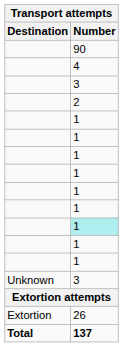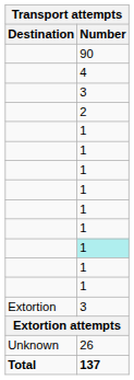 <table class="wikitable" style="float:right; margin-left: 10px;">
 <tr>
 <th colspan="2">Transport attempts</th>
 </tr>
 <tr>
 <th>Destination</th>
 <th>Number</th>
 </tr>
 <tr>
 <td></td>
 <td>90</td>
 </tr>
 <tr>
 <td></td>
 <td>4</td>
 </tr>
 <tr>
 <td></td>
 <td>3</td>
 </tr>
 <tr>
 <td></td>
 <td>2</td>
 </tr>
 <tr>
 <td></td>
 <td>1</td>
 </tr>
 <tr>
 <td></td>
 <td>1</td>
 </tr>
 <tr>
 <td></td>
 <td>1</td>
 </tr>
 <tr>
 <td></td>
 <td>1</td>
 </tr>
 <tr>
 <td></td>
 <td>1</td>
 </tr>
 <tr>
 <td><br></td>
 <td>1</td>
 </tr>
 <tr>
 <td></td>
 <td style="background: paleturquoise;">1</td>
 </tr>
 <tr>
 <td></td>
 <td>1</td>
 </tr>
 <tr>
 <td></td>
 <td>1</td>
 </tr>
 <tr>
-<td>Unknown</td>
+<td>Extortion</td>
 <td>3</td>
 </tr>
 <tr>
 <th colspan="2">Extortion attempts</th>
 </tr>
 <tr>
-<td>Extortion</td>
+<td>Unknown</td>
 <td>26</td>
 </tr>
 <tr>
 <td><strong>Total</strong></td>
 <td><strong>137</strong></td>
 </tr>
 </table>
